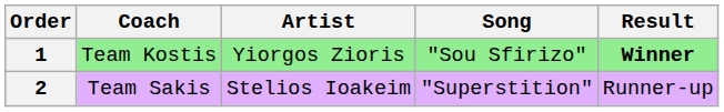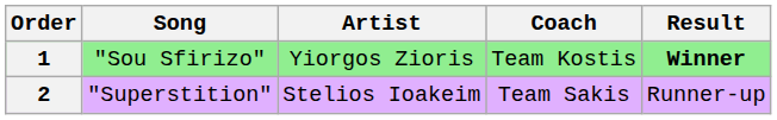 <table class="wikitable" style="text-align: center; width: auto;">
 <tr>
 <th>Order</th>
+<th>Song</th>
+<th>Artist</th>
 <th>Coach</th>
-<th>Artist</th>
-<th>Song</th>
 <th>Result</th>
 </tr>
 <tr style="background:lightgreen">
 <th>1</th>
+<td>"Sou Sfirizo"</td>
+<td>Yiorgos Zioris</td>
 <td>Team Kostis</td>
-<td>Yiorgos Zioris</td>
-<td>"Sou Sfirizo"</td>
 <td><strong>Winner</strong></td>
 </tr>
 <tr style="background:#E0B0FF">
 <th>2</th>
+<td>"Superstition"</td>
+<td>Stelios Ioakeim</td>
 <td>Team Sakis</td>
-<td>Stelios Ioakeim</td>
-<td>"Superstition"</td>
 <td>Runner-up</td>
 </tr>
 </table>
